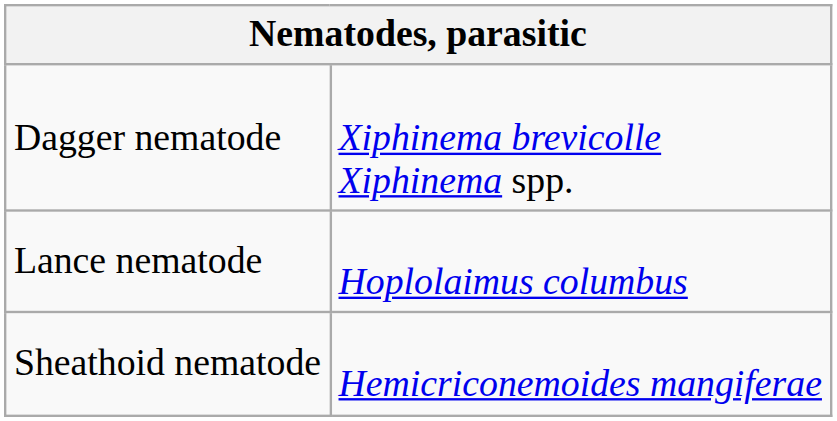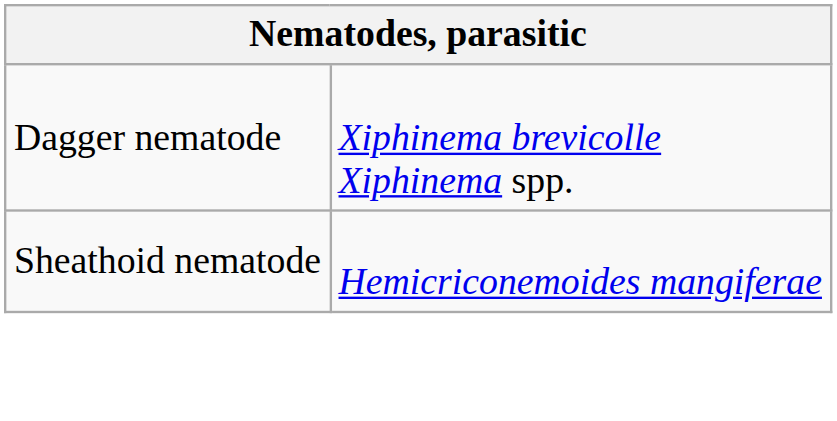 <table class="wikitable">
 <tr>
 <th colspan=2><strong>Nematodes, parasitic</strong><br></th>
 </tr>
 <tr>
 <td>Dagger nematode</td>
 <td><br><em><a href='#'>Xiphinema brevicolle</a></em><br> <em><a href='#'>Xiphinema</a></em> spp.</td>
 </tr>
 <tr>
-<td>Lance nematode</td>
-<td><br><em><a href='#'>Hoplolaimus columbus</a></em></td>
-</tr>
-<tr>
 <td>Sheathoid nematode</td>
 <td><br><em><a href='#'>Hemicriconemoides mangiferae</a></em></td>
 </tr>
 </table>
